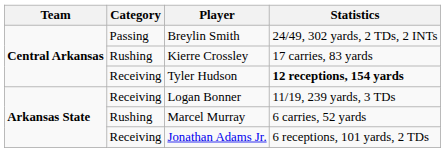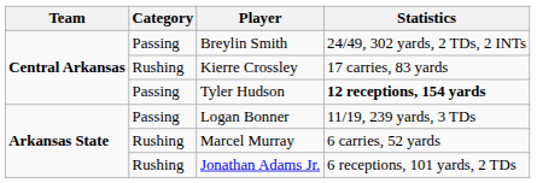 <table class="wikitable" style="float: left;">
 <tr>
 <th>Team</th>
 <th>Category</th>
 <th>Player</th>
 <th>Statistics</th>
 </tr>
 <tr>
 <td rowspan=3><strong>Central Arkansas</strong></td>
 <td>Passing</td>
 <td>Breylin Smith</td>
 <td>24/49, 302 yards, 2 TDs, 2 INTs</td>
 </tr>
 <tr>
 <td>Rushing</td>
 <td>Kierre Crossley</td>
 <td>17 carries, 83 yards</td>
 </tr>
 <tr>
-<td>Receiving</td>
+<td>Passing</td>
 <td>Tyler Hudson</td>
 <td><strong>12 receptions, 154 yards</strong></td>
 </tr>
 <tr>
 <td rowspan=3><strong>Arkansas State</strong></td>
-<td>Receiving</td>
+<td>Passing</td>
 <td>Logan Bonner</td>
 <td>11/19, 239 yards, 3 TDs</td>
 </tr>
 <tr>
 <td>Rushing</td>
 <td>Marcel Murray</td>
 <td>6 carries, 52 yards</td>
 </tr>
 <tr>
-<td>Receiving</td>
+<td>Rushing</td>
 <td><a href='#'>Jonathan Adams Jr.</a></td>
 <td>6 receptions, 101 yards, 2 TDs</td>
 </tr>
 </table>
